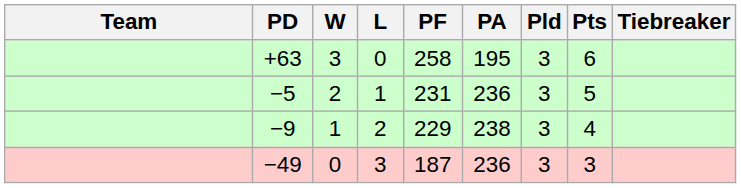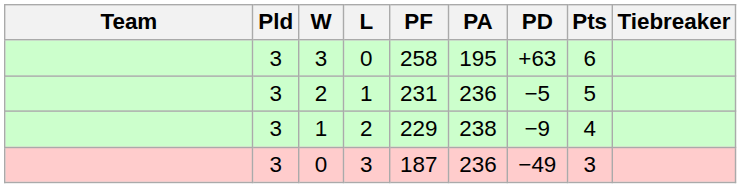 <table class="wikitable" style="text-align:center;">
 <tr>
 <th width=170>Team</th>
-<th width=35>PD</th>
+<th width=25>Pld</th>
 <th width=25>W</th>
 <th width=25>L</th>
 <th width=35>PF</th>
 <th width=35>PA</th>
-<th width=25>Pld</th>
+<th width=35>PD</th>
 <th width=25>Pts</th>
 <th width=50>Tiebreaker</th>
 </tr>
 <tr bgcolor="#ccffcc">
 <td align="left"></td>
-<td>+63</td>
+<td>3</td>
 <td>3</td>
 <td>0</td>
 <td>258</td>
 <td>195</td>
-<td>3</td>
+<td>+63</td>
 <td>6</td>
 <td></td>
 </tr>
 <tr bgcolor="#ccffcc">
 <td align="left"></td>
-<td>−5</td>
+<td>3</td>
 <td>2</td>
 <td>1</td>
 <td>231</td>
 <td>236</td>
-<td>3</td>
+<td>−5</td>
 <td>5</td>
 <td></td>
 </tr>
 <tr bgcolor="#ccffcc">
 <td align="left"></td>
-<td>−9</td>
+<td>3</td>
 <td>1</td>
 <td>2</td>
 <td>229</td>
 <td>238</td>
-<td>3</td>
+<td>−9</td>
 <td>4</td>
 <td></td>
 </tr>
 <tr bgcolor="#ffcccc">
 <td align="left"></td>
-<td>−49</td>
+<td>3</td>
 <td>0</td>
 <td>3</td>
 <td>187</td>
 <td>236</td>
-<td>3</td>
+<td>−49</td>
 <td>3</td>
 <td></td>
 </tr>
 </table>
